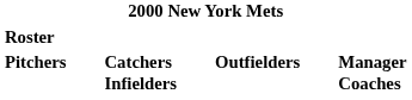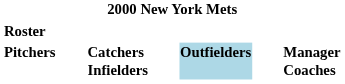 <table class="toccolours" style="font-size: 95%;">
 <tr>
 <th colspan="10">2000 New York Mets</th>
 </tr>
 <tr>
 <td colspan="10"><strong>Roster</strong></td>
 </tr>
 <tr>
 <td valign="top"><strong>Pitchers</strong><br>                  </td>
 <td width="25px"></td>
 <td valign="top"><strong>Catchers</strong><br>   <strong>Infielders</strong>             </td>
 <td width="25px"></td>
-<td valign="top"><strong>Outfielders</strong><br>           </td>
+<td valign="top" style="background: lightblue;"><strong>Outfielders</strong><br>           </td>
 <td width="25px"></td>
 <td valign="top"><strong>Manager</strong><br> <strong>Coaches</strong>      </td>
 </tr>
 </table>
